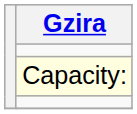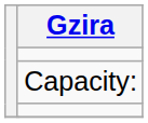 <table class="wikitable" style="text-align:center">
 <tr>
 <th rowspan="4" colspan="2"></th>
 <th><a href='#'>Gzira</a></th>
 </tr>
 <tr>
 <td></td>
 </tr>
 <tr>
-<td style="background: lightyellow;">Capacity:</td>
+<td>Capacity:</td>
 </tr>
 <tr>
 <td></td>
 </tr>
 <tr>
 </tr>
 </table>
